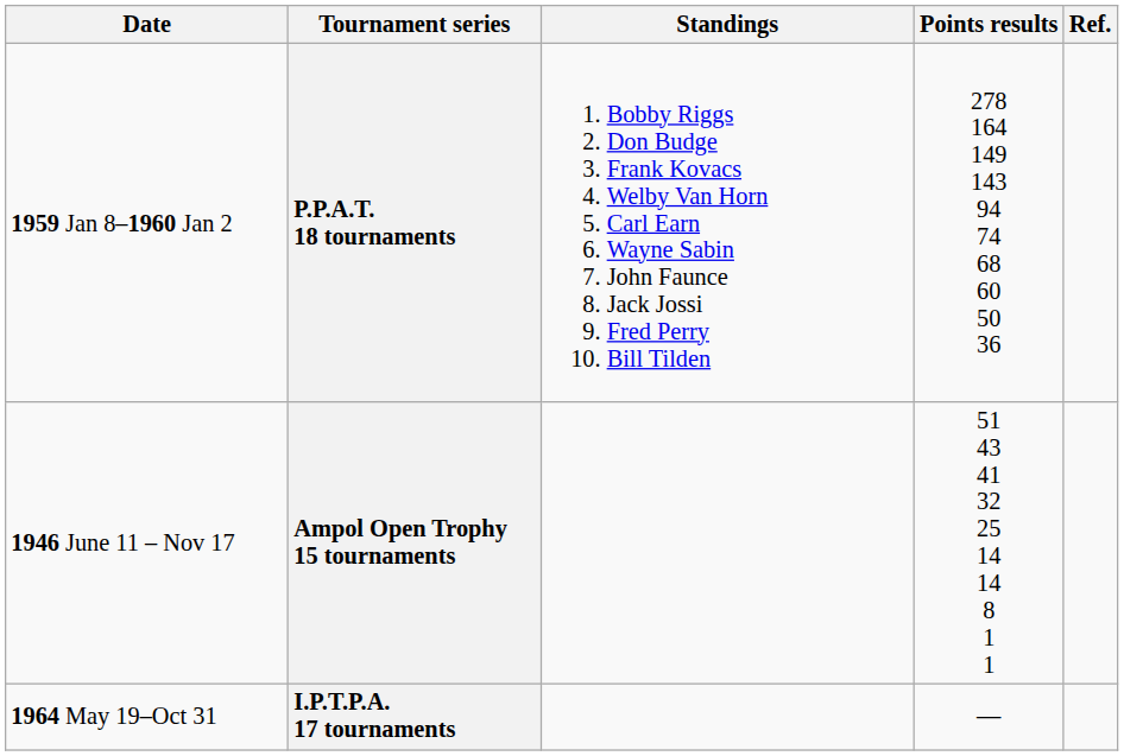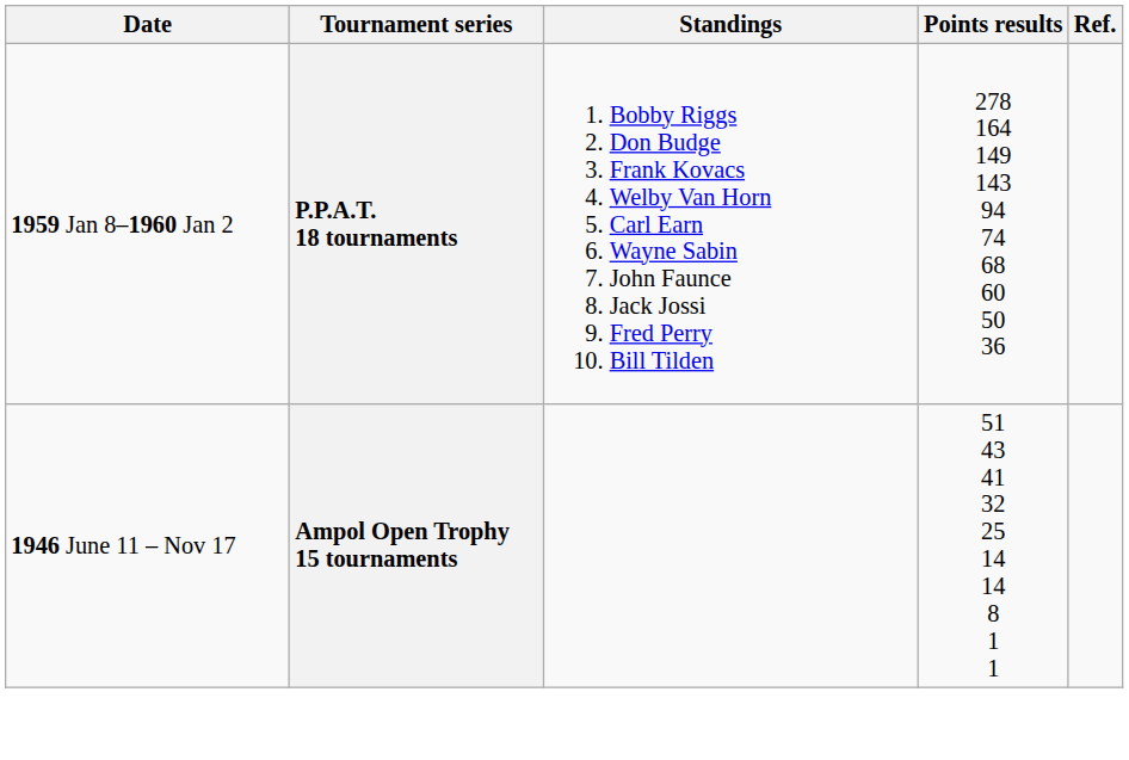 <table class="wikitable plainrowheaders">
 <tr>
 <th width="180">Date</th>
 <th width="160">Tournament series</th>
 <th width="240">Standings</th>
 <th>Points results</th>
 <th>Ref.</th>
 </tr>
 <tr>
 <td><strong>1959</strong> Jan 8–<strong>1960</strong> Jan 2</td>
 <th scope="row" style="text-align: left;">P.P.A.T.<br>18 tournaments</th>
 <td><br><ol><li> <a href='#'>Bobby Riggs</a></li><li> <a href='#'>Don Budge</a></li><li> <a href='#'>Frank Kovacs</a></li><li> <a href='#'>Welby Van Horn</a></li><li> <a href='#'>Carl Earn</a></li><li> <a href='#'>Wayne Sabin</a></li><li> John Faunce</li><li> Jack Jossi</li><li> <a href='#'>Fred Perry</a></li><li> <a href='#'>Bill Tilden</a></li></ol></td>
 <td align="center">278<br>164<br>149<br>143<br>94<br>74<br>68<br>60<br>50<br>36</td>
 <td></td>
 </tr>
 <tr>
 <td><strong>1946</strong> June 11 – Nov 17</td>
 <th scope="row" style="text-align: left;">Ampol Open Trophy<br>15 tournaments</th>
 <td></td>
 <td align="center">51<br>43<br>41<br>32<br>25<br>14<br>14<br>8<br>1<br>1</td>
 <td><br></td>
 </tr>
-<tr>
-<td><strong>1964</strong> May 19–Oct 31</td>
-<th scope="row" style="text-align: left;">I.P.T.P.A.<br>17 tournaments</th>
-<td></td>
-<td align="center">—</td>
-<td><br></td>
-</tr>
 </table>
